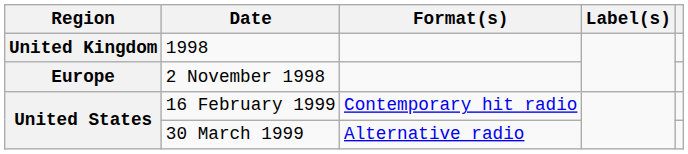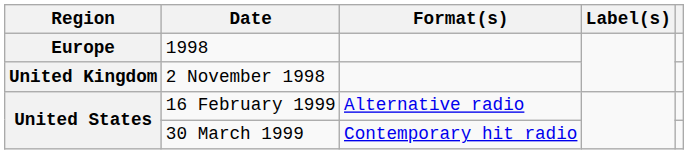 <table class="wikitable plainrowheaders">
 <tr>
 <th scope="col">Region</th>
 <th scope="col">Date</th>
 <th scope="col">Format(s)</th>
 <th scope="col">Label(s)</th>
 <th scope="col"></th>
 </tr>
 <tr>
-<th scope="row">United Kingdom</th>
+<th scope="row">Europe</th>
 <td>1998</td>
 <td></td>
 <td rowspan="2"></td>
 <td></td>
 </tr>
 <tr>
-<th scope="row">Europe</th>
+<th scope="row">United Kingdom</th>
 <td>2 November 1998</td>
 <td></td>
 <td></td>
 </tr>
 <tr>
 <th scope="row" rowspan="2">United States</th>
 <td>16 February 1999</td>
-<td><a href='#'>Contemporary hit radio</a></td>
+<td><a href='#'>Alternative radio</a></td>
 <td rowspan="2"></td>
 <td></td>
 </tr>
 <tr>
 <td>30 March 1999</td>
-<td><a href='#'>Alternative radio</a></td>
+<td><a href='#'>Contemporary hit radio</a></td>
 <td></td>
 </tr>
 </table>
